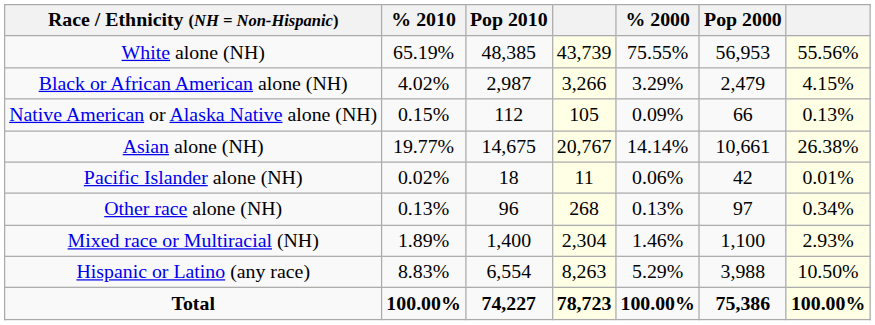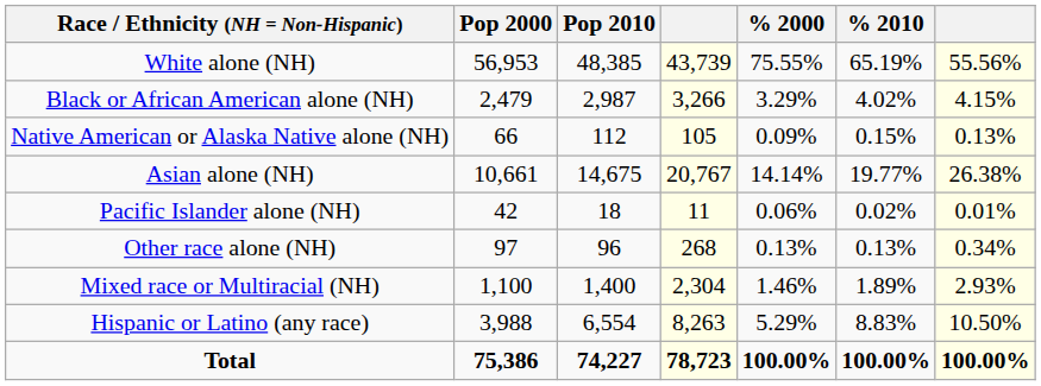 <table class="wikitable" style="text-align:center;">
 <tr>
 <th>Race / Ethnicity <small>(<em>NH = Non-Hispanic</em>)</small></th>
-<th>% 2010</th>
+<th>Pop 2000</th>
 <th>Pop 2010</th>
 <th></th>
 <th>% 2000</th>
-<th>Pop 2000</th>
+<th>% 2010</th>
 <th></th>
 </tr>
 <tr>
 <td><a href='#'>White</a> alone (NH)</td>
-<td>65.19%</td>
+<td>56,953</td>
 <td>48,385</td>
 <td style='background: #ffffe6;'>43,739</td>
 <td>75.55%</td>
-<td>56,953</td>
+<td>65.19%</td>
 <td style='background: #ffffe6;'>55.56%</td>
 </tr>
 <tr>
 <td><a href='#'>Black or African American</a> alone (NH)</td>
-<td>4.02%</td>
+<td>2,479</td>
 <td>2,987</td>
 <td style='background: #ffffe6;'>3,266</td>
 <td>3.29%</td>
-<td>2,479</td>
+<td>4.02%</td>
 <td style='background: #ffffe6;'>4.15%</td>
 </tr>
 <tr>
 <td><a href='#'>Native American</a> or <a href='#'>Alaska Native</a> alone (NH)</td>
-<td>0.15%</td>
+<td>66</td>
 <td>112</td>
 <td style='background: #ffffe6;'>105</td>
 <td>0.09%</td>
-<td>66</td>
+<td>0.15%</td>
 <td style='background: #ffffe6;'>0.13%</td>
 </tr>
 <tr>
 <td><a href='#'>Asian</a> alone (NH)</td>
-<td>19.77%</td>
+<td>10,661</td>
 <td>14,675</td>
 <td style='background: #ffffe6;'>20,767</td>
 <td>14.14%</td>
-<td>10,661</td>
+<td>19.77%</td>
 <td style='background: #ffffe6;'>26.38%</td>
 </tr>
 <tr>
 <td><a href='#'>Pacific Islander</a> alone (NH)</td>
-<td>0.02%</td>
+<td>42</td>
 <td>18</td>
 <td style='background: #ffffe6;'>11</td>
 <td>0.06%</td>
-<td>42</td>
+<td>0.02%</td>
 <td style='background: #ffffe6;'>0.01%</td>
 </tr>
 <tr>
 <td><a href='#'>Other race</a> alone (NH)</td>
-<td>0.13%</td>
+<td>97</td>
 <td>96</td>
 <td style='background: #ffffe6;'>268</td>
 <td>0.13%</td>
-<td>97</td>
+<td>0.13%</td>
 <td style='background: #ffffe6;'>0.34%</td>
 </tr>
 <tr>
 <td><a href='#'>Mixed race or Multiracial</a> (NH)</td>
-<td>1.89%</td>
+<td>1,100</td>
 <td>1,400</td>
 <td style='background: #ffffe6;'>2,304</td>
 <td>1.46%</td>
-<td>1,100</td>
+<td>1.89%</td>
 <td style='background: #ffffe6;'>2.93%</td>
 </tr>
 <tr>
 <td><a href='#'>Hispanic or Latino</a> (any race)</td>
-<td>8.83%</td>
+<td>3,988</td>
 <td>6,554</td>
 <td style='background: #ffffe6;'>8,263</td>
 <td>5.29%</td>
-<td>3,988</td>
+<td>8.83%</td>
 <td style='background: #ffffe6;'>10.50%</td>
 </tr>
 <tr>
 <td><strong>Total</strong></td>
-<td><strong>100.00%</strong></td>
+<td><strong>75,386</strong></td>
 <td><strong>74,227</strong></td>
 <td style='background: #ffffe6;'><strong>78,723</strong></td>
 <td><strong>100.00%</strong></td>
-<td><strong>75,386</strong></td>
+<td><strong>100.00%</strong></td>
 <td style='background: #ffffe6;'><strong>100.00%</strong></td>
 </tr>
 </table>
